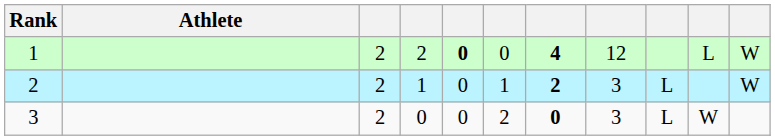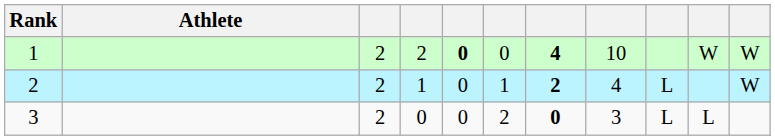 <table class="wikitable" style="text-align: center;">
 <tr>
 <th width=25>Rank</th>
 <th width=225>Athlete</th>
 <th width=25></th>
 <th width=25></th>
 <th width=25></th>
 <th width=25></th>
 <th width=40></th>
 <th width=40></th>
 <th width=25></th>
 <th width=25></th>
 <th width=25></th>
 </tr>
 <tr bgcolor=ccffcc>
 <td>1</td>
 <td align=left></td>
 <td>2</td>
 <td>2</td>
 <td><strong>0</strong></td>
 <td>0</td>
 <td><strong>4</strong></td>
-<td>12</td>
+<td>10</td>
 <td></td>
-<td>L</td>
+<td>W</td>
 <td>W</td>
 </tr>
 <tr bgcolor=bbf3ff>
 <td>2</td>
 <td align=left></td>
 <td>2</td>
 <td>1</td>
 <td>0</td>
 <td>1</td>
 <td><strong>2</strong></td>
-<td>3</td>
+<td>4</td>
 <td>L</td>
 <td></td>
 <td>W</td>
 </tr>
 <tr>
 <td>3</td>
 <td align=left></td>
 <td>2</td>
 <td>0</td>
 <td>0</td>
 <td>2</td>
 <td><strong>0</strong></td>
 <td>3</td>
 <td>L</td>
-<td>W</td>
+<td>L</td>
 <td></td>
 </tr>
 </table>
